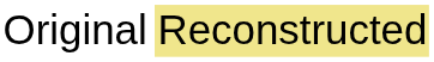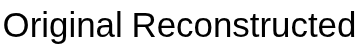 <table>
 <tr>
 <td></td>
 <td></td>
 </tr>
 <tr>
 <td>Original</td>
-<td style="background: khaki;">Reconstructed</td>
+<td>Reconstructed</td>
 </tr>
 </table>
